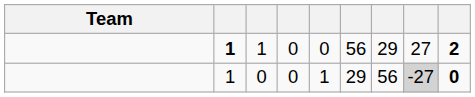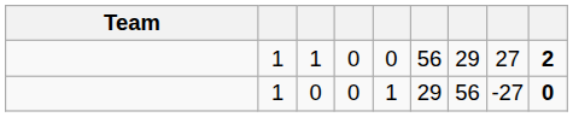 <table class=wikitable style="text-align:center">
 <tr>
 <th width=175>Team</th>
 <th width=20 abbr=Played></th>
 <th width=20 abbr=Won></th>
 <th width=20 abbr=Drawn></th>
 <th width=20 abbr=Lost></th>
 <th width=20 abbr=Goal For></th>
 <th width=20 abbr=Goal Against></th>
 <th width=20 abbr=Goal Difference></th>
 <th width=20 abbr=Points></th>
 </tr>
 <tr>
 <td align=left></td>
-<td><strong>1</strong></td>
+<td>1</td>
 <td>1</td>
 <td>0</td>
 <td>0</td>
 <td>56</td>
 <td>29</td>
 <td>27</td>
 <td><strong>2</strong></td>
 </tr>
 <tr>
 <td align=left></td>
 <td>1</td>
 <td>0</td>
 <td>0</td>
 <td>1</td>
 <td>29</td>
 <td>56</td>
-<td style="background: lightgrey;">-27</td>
+<td>-27</td>
 <td><strong>0</strong></td>
 </tr>
 </table>
